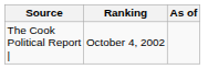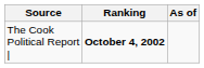 <table class="wikitable" style="text-align:center">
 <tr>
 <th>Source</th>
 <th>Ranking</th>
 <th>As of</th>
 </tr>
 <tr>
 <td style="text-align:left">The Cook<br>Political Report<br>| </td>
-<td>October 4, 2002</td>
+<td><strong>October 4, 2002</strong></td>
 </tr>
 </table>
